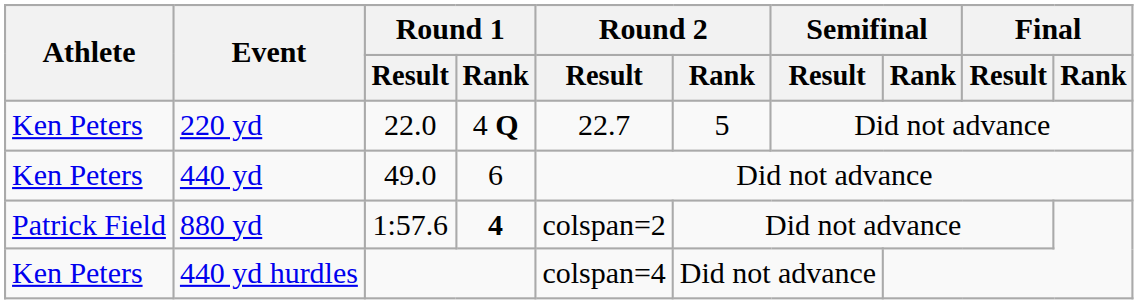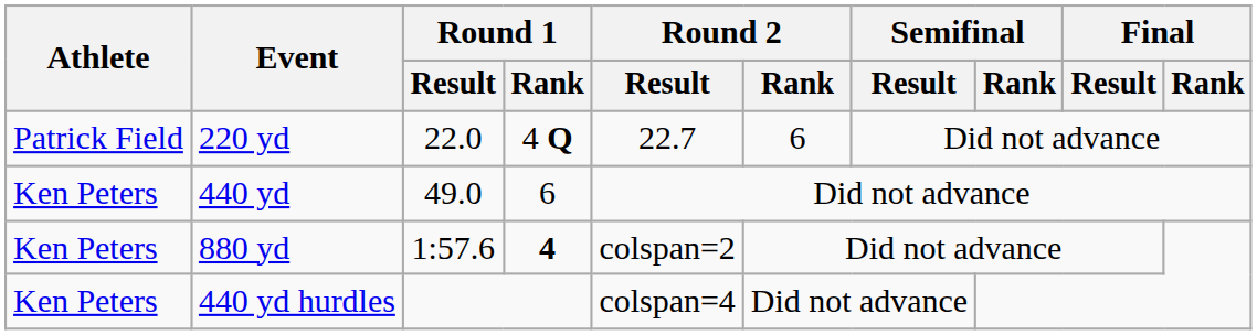 <table class=wikitable style=font-size:90%>
 <tr>
 <th rowspan=2>Athlete</th>
 <th rowspan=2>Event</th>
 <th colspan=2>Round 1</th>
 <th colspan=2>Round 2</th>
 <th colspan=2>Semifinal</th>
 <th colspan=2>Final</th>
 </tr>
 <tr style=font-size:95%>
 <th>Result</th>
 <th>Rank</th>
 <th>Result</th>
 <th>Rank</th>
 <th>Result</th>
 <th>Rank</th>
 <th>Result</th>
 <th>Rank</th>
 </tr>
 <tr align=center>
-<td align=left><a href='#'>Ken Peters</a></td>
+<td align=left><a href='#'>Patrick Field</a></td>
 <td align=left><a href='#'>220 yd</a></td>
 <td>22.0</td>
 <td>4 <strong>Q</strong></td>
 <td>22.7</td>
-<td>5</td>
+<td>6</td>
 <td colspan=4>Did not advance</td>
 </tr>
 <tr align=center>
 <td align=left><a href='#'>Ken Peters</a></td>
 <td align=left><a href='#'>440 yd</a></td>
 <td>49.0</td>
 <td>6</td>
 <td colspan=6>Did not advance</td>
 </tr>
 <tr align=center>
-<td align=left><a href='#'>Patrick Field</a></td>
+<td align=left><a href='#'>Ken Peters</a></td>
 <td align=left><a href='#'>880 yd</a></td>
 <td>1:57.6</td>
 <td><strong>4</strong></td>
 <td>colspan=2 </td>
 <td colspan=4>Did not advance</td>
 </tr>
 <tr align=center>
 <td align=left><a href='#'>Ken Peters</a></td>
 <td align=left><a href='#'>440 yd hurdles</a></td>
 <td colspan=2></td>
 <td>colspan=4 </td>
 <td colspan=2>Did not advance</td>
 </tr>
 </table>
